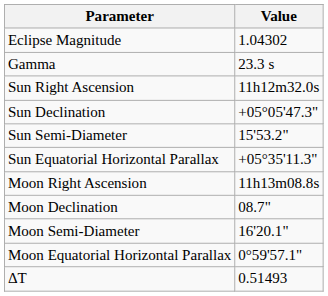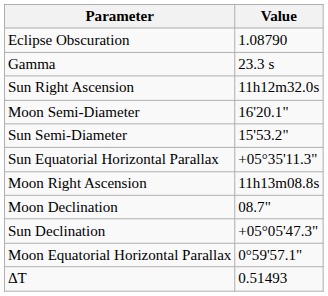 <table class="wikitable">
 <tr>
 <th>Parameter</th>
 <th>Value</th>
 </tr>
 <tr>
-<td>Eclipse Magnitude</td>
-<td>1.04302</td>
+<td>Eclipse Obscuration</td>
+<td>1.08790</td>
 </tr>
 <tr>
 <td>Gamma</td>
 <td>23.3 s</td>
 </tr>
 <tr>
 <td>Sun Right Ascension</td>
 <td>11h12m32.0s</td>
 </tr>
 <tr>
-<td>Sun Declination</td>
-<td>+05°05'47.3"</td>
+<td>Moon Semi-Diameter</td>
+<td>16'20.1"</td>
 </tr>
 <tr>
 <td>Sun Semi-Diameter</td>
 <td>15'53.2"</td>
 </tr>
 <tr>
 <td>Sun Equatorial Horizontal Parallax</td>
 <td>+05°35'11.3"</td>
 </tr>
 <tr>
 <td>Moon Right Ascension</td>
 <td>11h13m08.8s</td>
 </tr>
 <tr>
 <td>Moon Declination</td>
 <td>08.7"</td>
 </tr>
 <tr>
-<td>Moon Semi-Diameter</td>
-<td>16'20.1"</td>
+<td>Sun Declination</td>
+<td>+05°05'47.3"</td>
 </tr>
 <tr>
 <td>Moon Equatorial Horizontal Parallax</td>
 <td>0°59'57.1"</td>
 </tr>
 <tr>
 <td>ΔT</td>
 <td>0.51493</td>
 </tr>
 </table>
